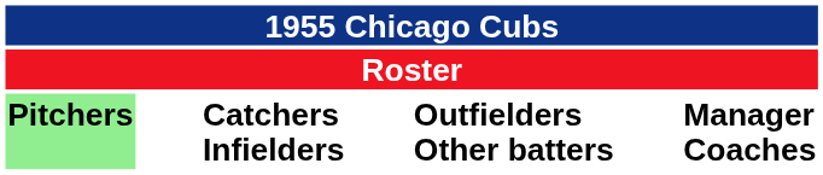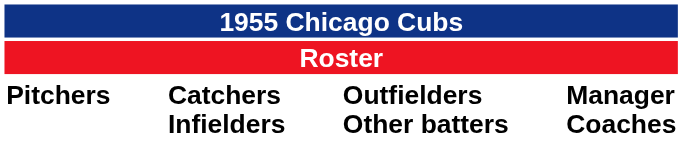 <table class="toccolours" style="font-size: 95%;">
 <tr>
 <th colspan="10" style="background-color: #0e3386; color: white; text-align: center;">1955 Chicago Cubs</th>
 </tr>
 <tr>
 <td colspan="10" style="background-color: #EE1422; color: white; text-align: center;"><strong>Roster</strong></td>
 </tr>
 <tr>
-<td valign="top" style="background: lightgreen;"><strong>Pitchers</strong><br>               </td>
+<td valign="top"><strong>Pitchers</strong><br>               </td>
 <td width="25px"></td>
 <td valign="top"><strong>Catchers</strong><br>     <strong>Infielders</strong>      </td>
 <td width="25px"></td>
 <td valign="top"><strong>Outfielders</strong><br>         <strong>Other batters</strong> </td>
 <td width="25px"></td>
 <td valign="top"><strong>Manager</strong><br> <strong>Coaches</strong>    </td>
 </tr>
 <tr>
 </tr>
 </table>
